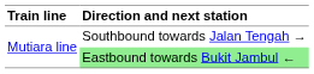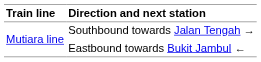 <table border="0" cellspacing="0" cellpadding="3">
 <tr>
 <td style="border-top:solid 1px gray;border-bottom:solid 1px gray;"><strong>Train line</strong></td>
 <td style="border-top:solid 1px gray;border-bottom:solid 1px gray;"><strong>Direction and next station</strong></td>
 </tr>
 <tr>
 <td rowspan="2" style="border-bottom:solid 1px grey;"> <a href='#'>Mutiara line</a></td>
 <td style="border-bottom:solid 1px white;">Southbound towards <a href='#'>Jalan Tengah</a>  →</td>
 </tr>
 <tr>
-<td style="background: lightgreen; border-bottom:solid 1px gray;">Eastbound towards <a href='#'>Bukit Jambul</a>  ←</td>
+<td style="border-bottom:solid 1px gray;">Eastbound towards <a href='#'>Bukit Jambul</a>  ←</td>
 </tr>
 </table>
